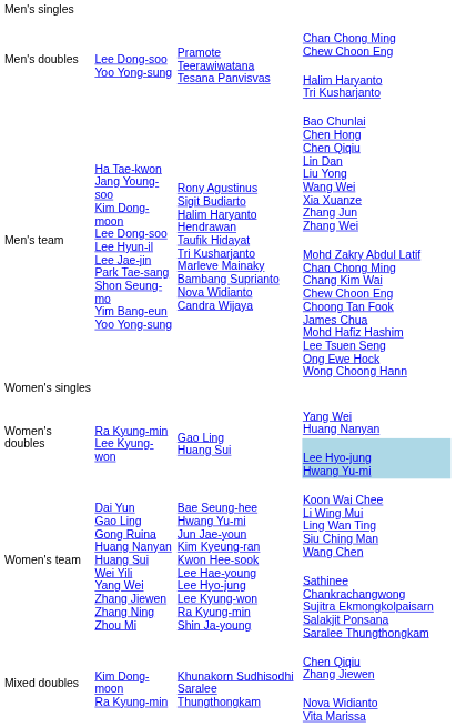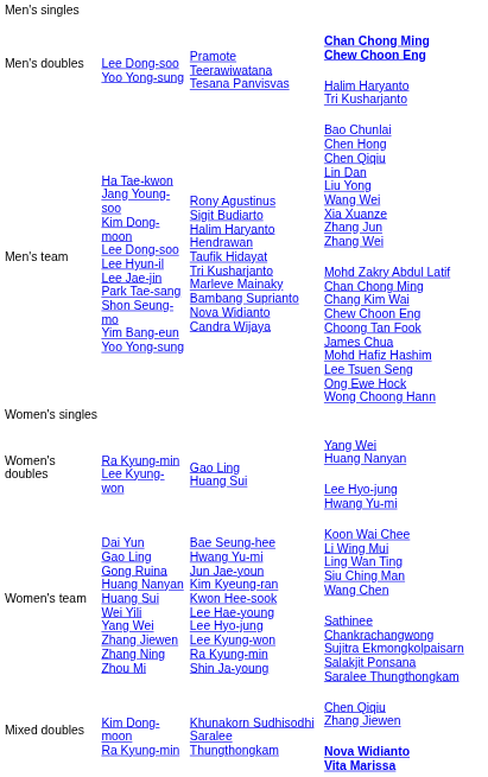 <table>
 <tr>
 <td rowspan=2>Men's singles<br></td>
 <td rowspan=2></td>
 <td rowspan=2></td>
 <td></td>
 </tr>
 <tr>
 <td></td>
 </tr>
 <tr>
 <td rowspan=2>Men's doubles<br></td>
 <td rowspan=2><br><a href='#'>Lee Dong-soo</a><br><a href='#'>Yoo Yong-sung</a></td>
 <td rowspan=2><br><a href='#'>Pramote Teerawiwatana</a><br><a href='#'>Tesana Panvisvas</a></td>
-<td><br><a href='#'>Chan Chong Ming</a><br><a href='#'>Chew Choon Eng</a></td>
+<td><strong><br><a href='#'>Chan Chong Ming</a><br><a href='#'>Chew Choon Eng</a></strong></td>
 </tr>
 <tr>
 <td><br><a href='#'>Halim Haryanto</a><br><a href='#'>Tri Kusharjanto</a></td>
 </tr>
 <tr>
 <td rowspan=2>Men's team<br></td>
 <td rowspan=2><br><a href='#'>Ha Tae-kwon</a><br><a href='#'>Jang Young-soo</a><br><a href='#'>Kim Dong-moon</a><br><a href='#'>Lee Dong-soo</a><br><a href='#'>Lee Hyun-il</a><br><a href='#'>Lee Jae-jin</a><br><a href='#'>Park Tae-sang</a><br><a href='#'>Shon Seung-mo</a><br><a href='#'>Yim Bang-eun</a><br><a href='#'>Yoo Yong-sung</a></td>
 <td rowspan=2><br><a href='#'>Rony Agustinus</a><br><a href='#'>Sigit Budiarto</a><br><a href='#'>Halim Haryanto</a><br><a href='#'>Hendrawan</a><br><a href='#'>Taufik Hidayat</a><br><a href='#'>Tri Kusharjanto</a><br><a href='#'>Marleve Mainaky</a><br><a href='#'>Bambang Suprianto</a><br><a href='#'>Nova Widianto</a><br><a href='#'>Candra Wijaya</a></td>
 <td><br><a href='#'>Bao Chunlai</a><br><a href='#'>Chen Hong</a><br><a href='#'>Chen Qiqiu</a><br><a href='#'>Lin Dan</a><br><a href='#'>Liu Yong</a><br><a href='#'>Wang Wei</a><br><a href='#'>Xia Xuanze</a><br><a href='#'>Zhang Jun</a><br><a href='#'>Zhang Wei</a></td>
 </tr>
 <tr>
 <td><br><a href='#'>Mohd Zakry Abdul Latif</a><br><a href='#'>Chan Chong Ming</a><br><a href='#'>Chang Kim Wai</a><br><a href='#'>Chew Choon Eng</a><br><a href='#'>Choong Tan Fook</a><br><a href='#'>James Chua</a><br><a href='#'>Mohd Hafiz Hashim</a><br><a href='#'>Lee Tsuen Seng</a><br><a href='#'>Ong Ewe Hock</a><br><a href='#'>Wong Choong Hann</a></td>
 </tr>
 <tr>
 <td rowspan=2>Women's singles<br></td>
 <td rowspan=2></td>
 <td rowspan=2></td>
 <td></td>
 </tr>
 <tr>
 <td></td>
 </tr>
 <tr>
 <td rowspan=2>Women's doubles<br></td>
 <td rowspan=2><br><a href='#'>Ra Kyung-min</a><br><a href='#'>Lee Kyung-won</a></td>
 <td rowspan=2><br><a href='#'>Gao Ling</a><br><a href='#'>Huang Sui</a></td>
 <td><br><a href='#'>Yang Wei</a><br><a href='#'>Huang Nanyan</a></td>
 </tr>
 <tr>
-<td style="background: lightblue;"><br><a href='#'>Lee Hyo-jung</a><br><a href='#'>Hwang Yu-mi</a></td>
+<td><br><a href='#'>Lee Hyo-jung</a><br><a href='#'>Hwang Yu-mi</a></td>
 </tr>
 <tr>
 <td rowspan=2>Women's team<br></td>
 <td rowspan=2><br><a href='#'>Dai Yun</a><br><a href='#'>Gao Ling</a><br><a href='#'>Gong Ruina</a><br><a href='#'>Huang Nanyan</a><br><a href='#'>Huang Sui</a><br><a href='#'>Wei Yili</a><br><a href='#'>Yang Wei</a><br><a href='#'>Zhang Jiewen</a><br><a href='#'>Zhang Ning</a><br><a href='#'>Zhou Mi</a></td>
 <td rowspan=2><br><a href='#'>Bae Seung-hee</a><br><a href='#'>Hwang Yu-mi</a><br><a href='#'>Jun Jae-youn</a><br><a href='#'>Kim Kyeung-ran</a><br><a href='#'>Kwon Hee-sook</a><br><a href='#'>Lee Hae-young</a><br><a href='#'>Lee Hyo-jung</a><br><a href='#'>Lee Kyung-won</a><br><a href='#'>Ra Kyung-min</a><br><a href='#'>Shin Ja-young</a></td>
 <td><br><a href='#'>Koon Wai Chee</a><br><a href='#'>Li Wing Mui</a><br><a href='#'>Ling Wan Ting</a><br><a href='#'>Siu Ching Man</a><br><a href='#'>Wang Chen</a></td>
 </tr>
 <tr>
 <td><br><a href='#'>Sathinee Chankrachangwong</a><br><a href='#'>Sujitra Ekmongkolpaisarn</a><br><a href='#'>Salakjit Ponsana</a><br><a href='#'>Saralee Thungthongkam</a></td>
 </tr>
 <tr>
 <td rowspan=2>Mixed doubles<br></td>
 <td rowspan=2><br><a href='#'>Kim Dong-moon</a><br><a href='#'>Ra Kyung-min</a></td>
 <td rowspan=2><br><a href='#'>Khunakorn Sudhisodhi</a><br><a href='#'>Saralee Thungthongkam</a></td>
 <td><br><a href='#'>Chen Qiqiu</a><br><a href='#'>Zhang Jiewen</a></td>
 </tr>
 <tr>
-<td><br><a href='#'>Nova Widianto</a><br><a href='#'>Vita Marissa</a></td>
+<td><strong><br><a href='#'>Nova Widianto</a><br><a href='#'>Vita Marissa</a></strong></td>
 </tr>
 </table>
